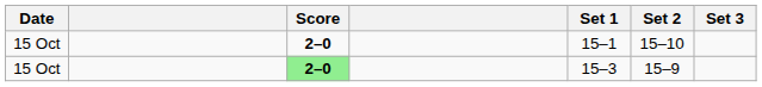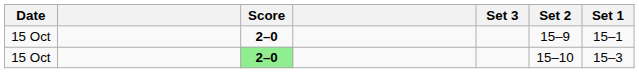 <table class="wikitable" style="text-align: center; font-size:90% ">
 <tr>
 <th width="50">Date</th>
 <th align="right" width="190"></th>
 <th width="50">Score</th>
 <th align="left" width="190"></th>
+<th width="50">Set 3</th>
+<th width="50">Set 2</th>
 <th width="50">Set 1</th>
-<th width="50">Set 2</th>
-<th width="50">Set 3</th>
 </tr>
 <tr>
 <td>15 Oct</td>
 <td align=right><strong></strong></td>
 <td align=center><strong>2–0</strong></td>
 <td align=left></td>
+<td></td>
+<td>15–9</td>
 <td>15–1</td>
-<td>15–10</td>
-<td></td>
 </tr>
 <tr>
 <td>15 Oct</td>
 <td align=right><strong></strong></td>
 <td align=center style="background: lightgreen;"><strong>2–0</strong></td>
 <td align=left></td>
+<td></td>
+<td>15–10</td>
 <td>15–3</td>
-<td>15–9</td>
-<td></td>
 </tr>
 </table>
